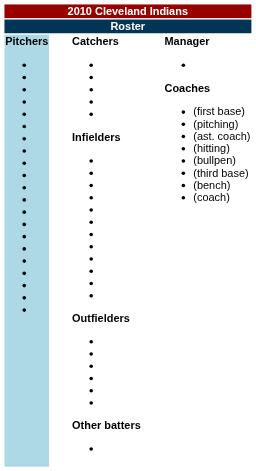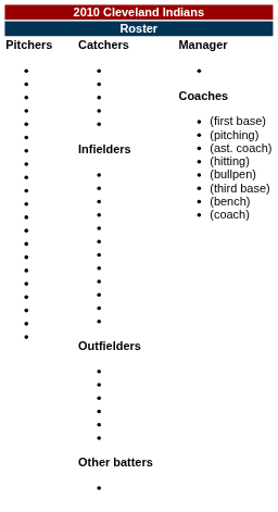 <table class="toccolours" style="font-size: 95%;">
 <tr>
 <th colspan="10" style="background-color: #990000; color: white; text-align: center;">2010 Cleveland Indians</th>
 </tr>
 <tr>
 <td colspan="10" style="background-color: #023456; color: #FFFFFF; text-align: center;"><strong>Roster</strong></td>
 </tr>
 <tr>
-<td valign="top" style="background: lightblue;"><strong>Pitchers</strong><br><ul><li></li><li></li><li></li><li></li><li></li><li></li><li></li><li></li><li></li><li></li><li></li><li></li><li></li><li></li><li></li><li></li><li></li><li></li><li></li><li></li><li></li></ul></td>
+<td valign="top"><strong>Pitchers</strong><br><ul><li></li><li></li><li></li><li></li><li></li><li></li><li></li><li></li><li></li><li></li><li></li><li></li><li></li><li></li><li></li><li></li><li></li><li></li><li></li><li></li><li></li></ul></td>
 <td width="25px"></td>
 <td valign="top"><strong>Catchers</strong><br><ul><li></li><li></li><li></li><li></li><li></li></ul><strong>Infielders</strong><ul><li></li><li></li><li></li><li></li><li></li><li></li><li></li><li></li><li></li><li></li><li></li><li></li></ul><strong>Outfielders</strong><ul><li></li><li></li><li></li><li></li><li></li><li></li></ul><strong>Other batters</strong><ul><li></li></ul></td>
 <td width="25px"></td>
 <td valign="top"><strong>Manager</strong><br><ul><li></li></ul><strong>Coaches</strong><ul><li> (first base)</li><li> (pitching)</li><li> (ast. coach)</li><li> (hitting)</li><li> (bullpen)</li><li> (third base)</li><li> (bench)</li><li> (coach)</li></ul></td>
 </tr>
 </table>
